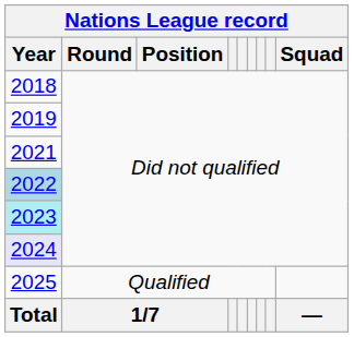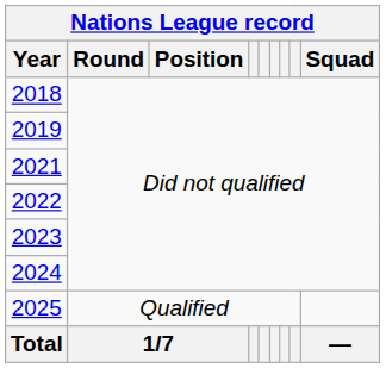 <table class="wikitable" style="text-align:center">
 <tr>
 <th colspan=9><a href='#'>Nations League record</a></th>
 </tr>
 <tr>
 <th>Year</th>
 <th>Round</th>
 <th>Position</th>
 <th></th>
 <th></th>
 <th></th>
 <th></th>
 <th></th>
 <th>Squad</th>
 </tr>
 <tr>
 <td> <a href='#'>2018</a></td>
 <td colspan=8 rowspan=6><em>Did not qualified</em></td>
 </tr>
 <tr>
 <td> <a href='#'>2019</a></td>
 </tr>
 <tr>
 <td> <a href='#'>2021</a></td>
 </tr>
 <tr>
-<td style="background: lightblue;"> <a href='#'>2022</a></td>
+<td> <a href='#'>2022</a></td>
 </tr>
 <tr>
-<td style="background: paleturquoise;"> <a href='#'>2023</a></td>
+<td> <a href='#'>2023</a></td>
 </tr>
 <tr>
-<td style="background: lavender;"> <a href='#'>2024</a></td>
+<td> <a href='#'>2024</a></td>
 </tr>
 <tr>
 <td> <a href='#'>2025</a></td>
 <td colspan=7><em>Qualified</em></td>
 <td></td>
 </tr>
 <tr>
 <th>Total</th>
 <th colspan=2>1/7</th>
 <th></th>
 <th></th>
 <th></th>
 <th></th>
 <th></th>
 <th>—</th>
 </tr>
 </table>
